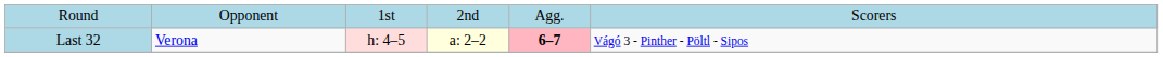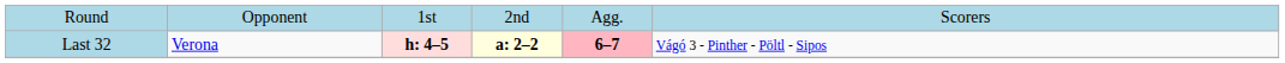 <table class="wikitable" style="text-align:center">
 <tr bgcolor=lightblue>
 <td width=150px>Round</td>
 <td width=200px>Opponent</td>
 <td width=80px>1st</td>
 <td width=80px>2nd</td>
 <td width=80px>Agg.</td>
 <td width=600px>Scorers</td>
 </tr>
 <tr>
 <td bgcolor=lightblue>Last 32</td>
 <td align=left> <a href='#'>Verona</a></td>
-<td bgcolor="#ffdddd">h: 4–5</td>
-<td bgcolor="#ffffdd">a: 2–2</td>
+<td bgcolor="#ffdddd"><strong>h: 4–5</strong></td>
+<td bgcolor="#ffffdd"><strong>a: 2–2</strong></td>
 <td bgcolor=lightpink><strong>6–7</strong></td>
 <td align=left><small><a href='#'>Vágó</a> 3 - <a href='#'>Pinther</a> - <a href='#'>Pöltl</a> - <a href='#'>Sipos</a></small></td>
 </tr>
 <tr>
 </tr>
 </table>
